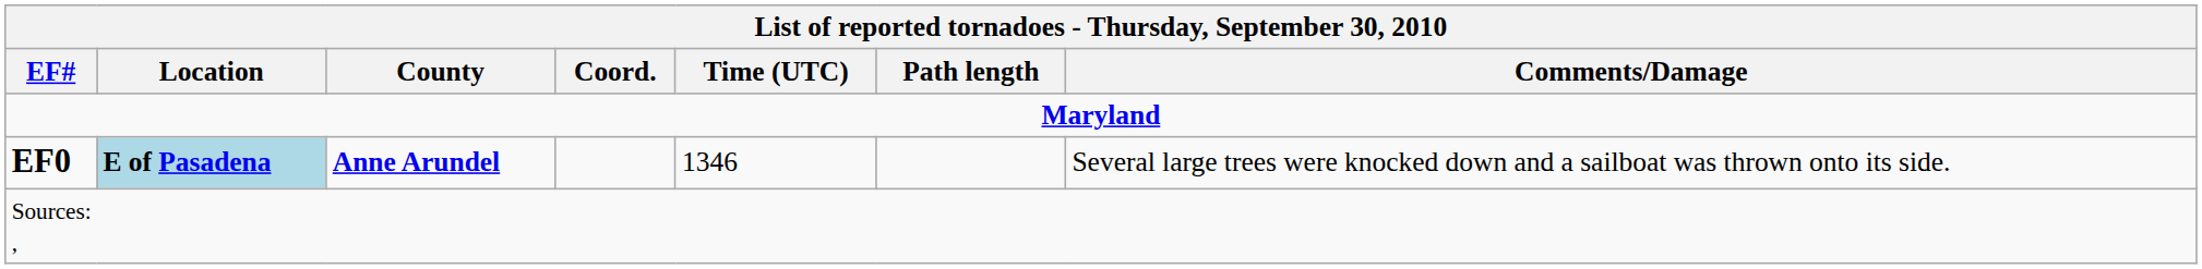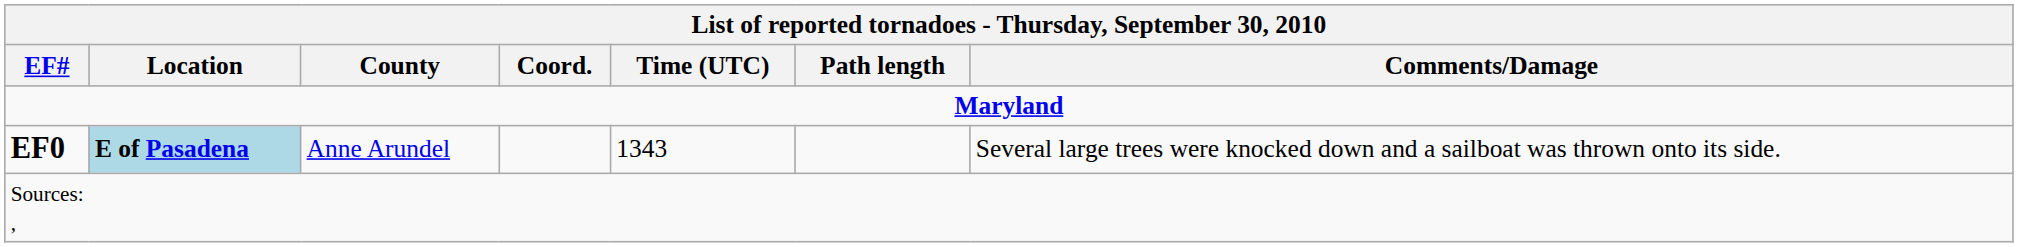 <table class="wikitable collapsible" width="100%">
 <tr>
 <th colspan="7">List of reported tornadoes - Thursday, September 30, 2010</th>
 </tr>
 <tr>
 <th><a href='#'>EF#</a></th>
 <th>Location</th>
 <th>County</th>
 <th>Coord.</th>
 <th>Time (UTC)</th>
 <th>Path length</th>
 <th>Comments/Damage</th>
 </tr>
 <tr>
 <td colspan="7" align=center><strong><a href='#'>Maryland</a></strong></td>
 </tr>
 <tr>
 <td><big><strong>EF0</strong></big></td>
 <td style="background: lightblue;"><strong>E of <a href='#'>Pasadena</a></strong></td>
-<td><strong><a href='#'>Anne Arundel</a></strong></td>
+<td><a href='#'>Anne Arundel</a></td>
 <td></td>
-<td>1346</td>
+<td>1343</td>
 <td></td>
 <td>Several large trees were knocked down and a sailboat was thrown onto its side.</td>
 </tr>
 <tr>
 <td colspan="7"><small>Sources:<br>, </small></td>
 </tr>
 </table>
